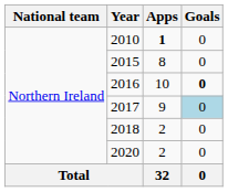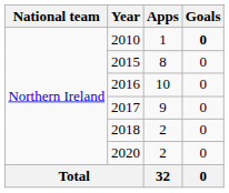 <table class=wikitable style="text-align: center">
 <tr>
 <th>National team</th>
 <th>Year</th>
 <th>Apps</th>
 <th>Goals</th>
 </tr>
 <tr>
 <td rowspan="6"><a href='#'>Northern Ireland</a></td>
 <td>2010</td>
-<td><strong>1</strong></td>
-<td>0</td>
+<td>1</td>
+<td><strong>0</strong></td>
 </tr>
 <tr>
 <td>2015</td>
 <td>8</td>
 <td>0</td>
 </tr>
 <tr>
 <td>2016</td>
 <td>10</td>
-<td><strong>0</strong></td>
+<td>0</td>
 </tr>
 <tr>
 <td>2017</td>
 <td>9</td>
-<td style="background: lightblue;">0</td>
+<td>0</td>
 </tr>
 <tr>
 <td>2018</td>
 <td>2</td>
 <td>0</td>
 </tr>
 <tr>
 <td>2020</td>
 <td>2</td>
 <td>0</td>
 </tr>
 <tr>
 <th colspan="2">Total</th>
 <th>32</th>
 <th>0</th>
 </tr>
 </table>
